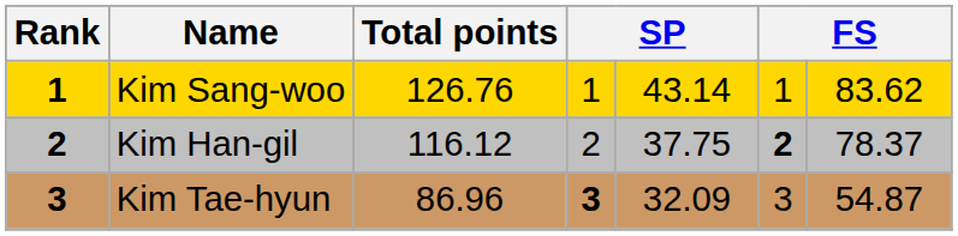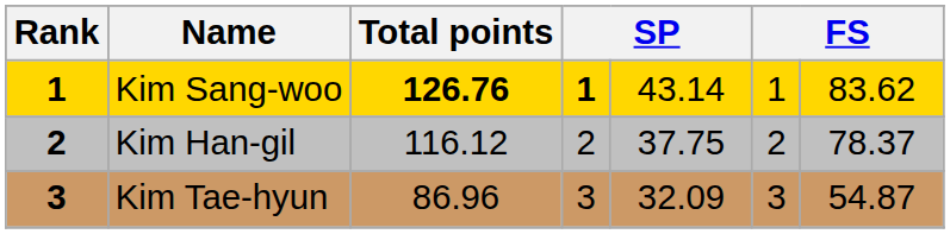 <table class="wikitable sortable">
 <tr>
 <th>Rank</th>
 <th>Name</th>
 <th>Total points</th>
 <th colspan="2" width="80px"><a href='#'>SP</a></th>
 <th colspan="2" width="80px"><a href='#'>FS</a></th>
 </tr>
 <tr bgcolor="gold">
 <td align="center"><strong>1</strong></td>
 <td>Kim Sang-woo</td>
-<td align="center">126.76</td>
-<td align="center">1</td>
+<td align="center"><strong>126.76</strong></td>
+<td align="center"><strong>1</strong></td>
 <td align="center">43.14</td>
 <td align="center">1</td>
 <td align="center">83.62</td>
 </tr>
 <tr bgcolor="silver">
 <td align="center"><strong>2</strong></td>
 <td>Kim Han-gil</td>
 <td align="center">116.12</td>
 <td align="center">2</td>
 <td align="center">37.75</td>
-<td align="center"><strong>2</strong></td>
+<td align="center">2</td>
 <td align="center">78.37</td>
 </tr>
 <tr bgcolor="cc9966">
 <td align="center"><strong>3</strong></td>
 <td>Kim Tae-hyun</td>
 <td align="center">86.96</td>
-<td align="center"><strong>3</strong></td>
+<td align="center">3</td>
 <td align="center">32.09</td>
 <td align="center">3</td>
 <td align="center">54.87</td>
 </tr>
 <tr>
 </tr>
 </table>
